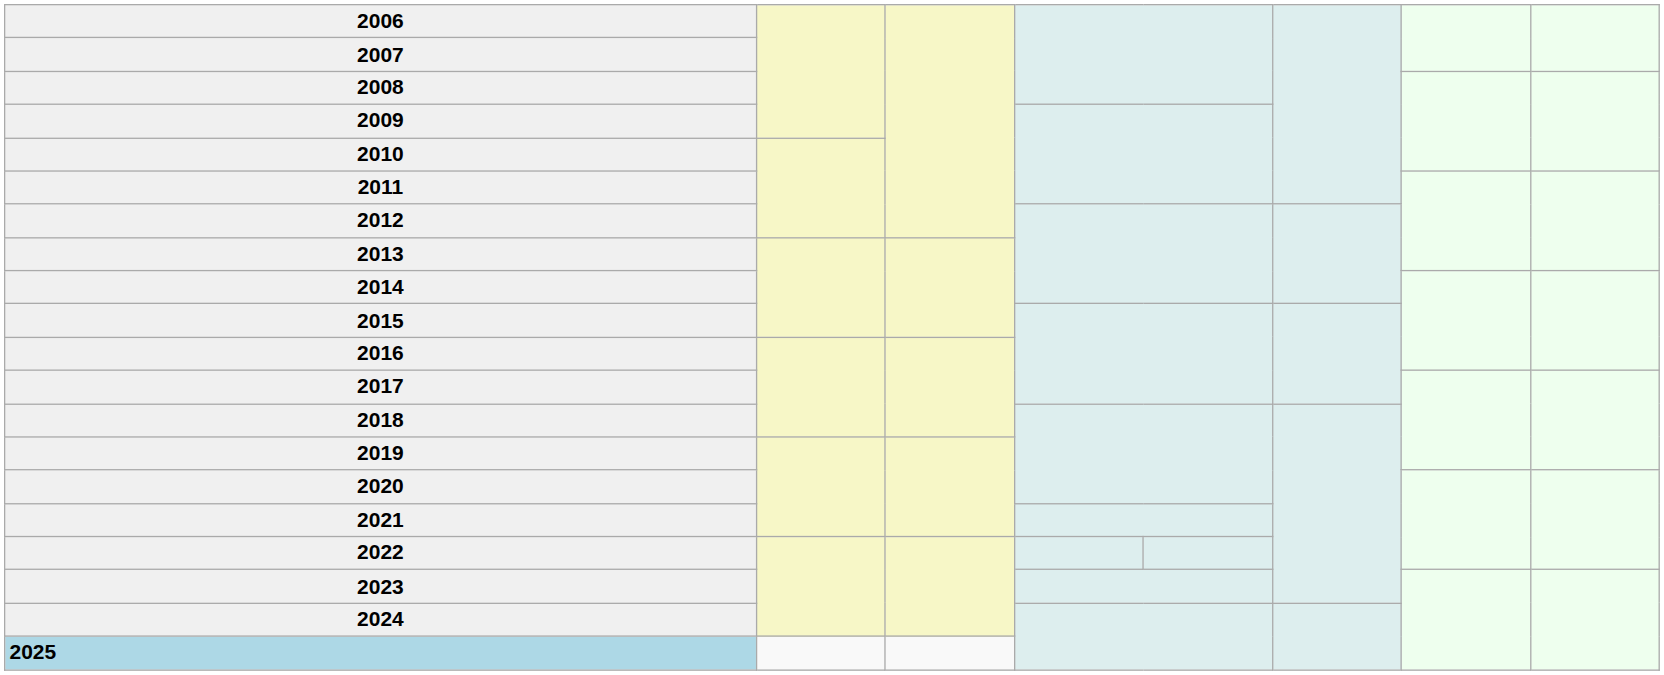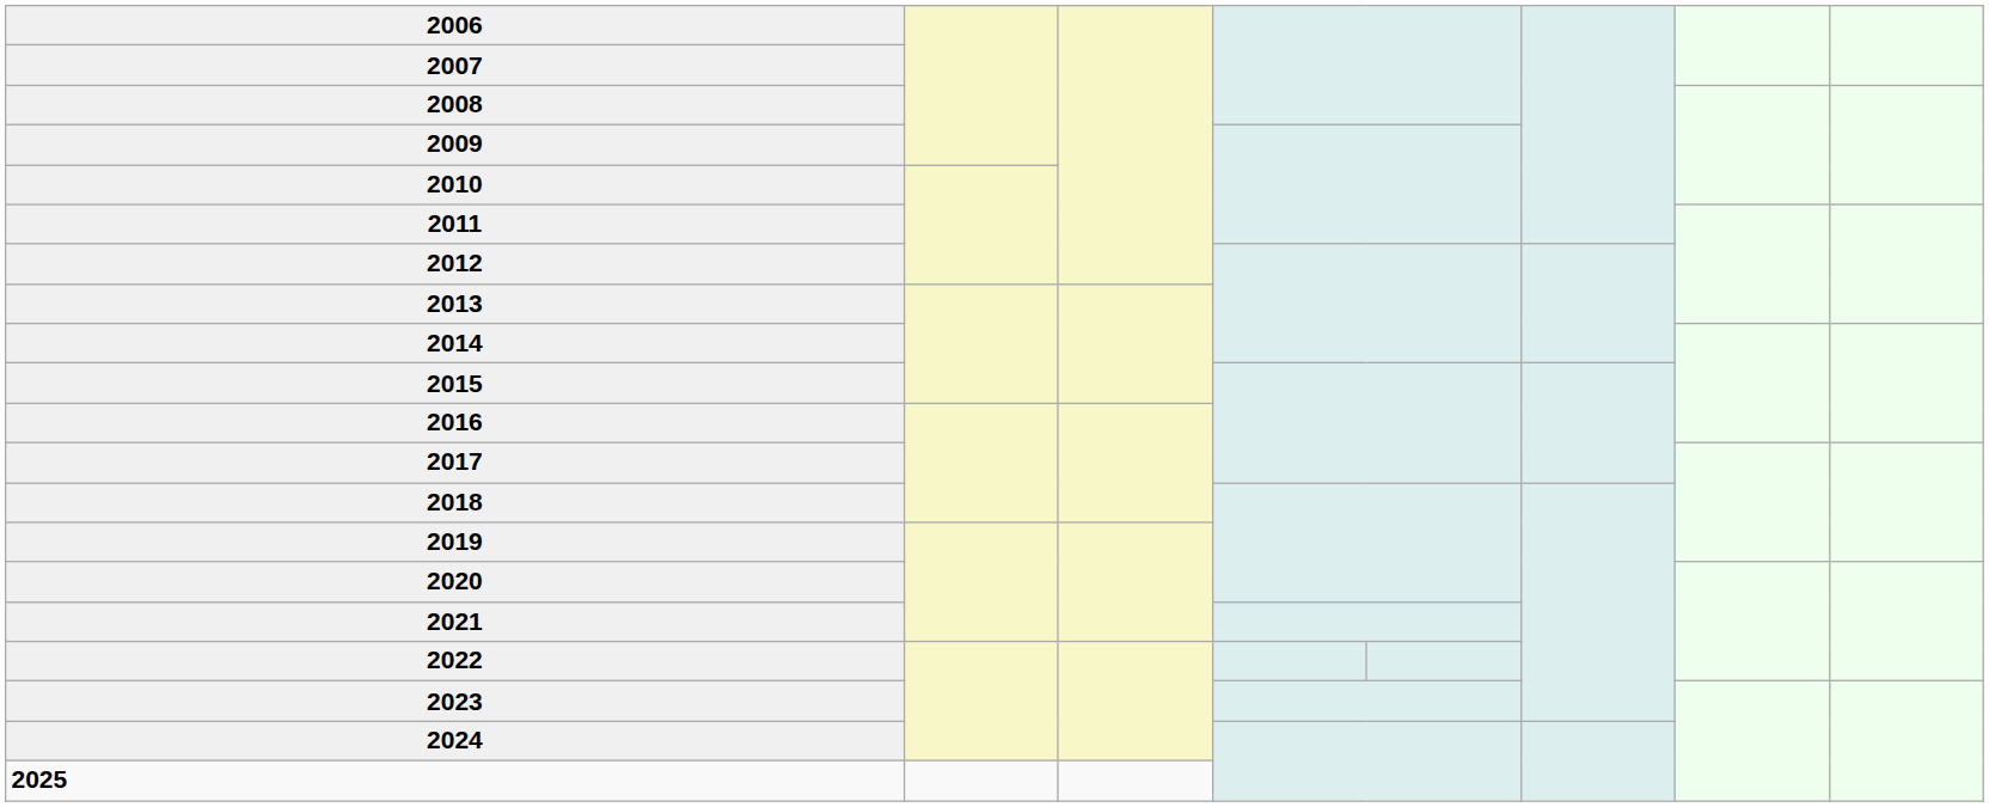 <table class="wikitable" width="100%" border="1" cellpadding="5" cellspacing="0">
 <tr align="center">
 <td style="background: #f0f0f0"><strong>2006</strong></td>
 <td style='background: #f7f7c7; ' valign="middle" rowspan=4></td>
 <td style='background: #f7f7c7; ' valign="middle" rowspan=7></td>
 <td colspan="2" rowspan="3" style="background: #ddeeee; " valign="middle"></td>
 <td style='background: #ddeeee; ' valign="middle" rowspan=6></td>
 <td style='background: #eeffee; ' valign="middle" rowspan=2></td>
 <td style='background: #eeffee; ' valign="middle" rowspan=2></td>
 </tr>
 <tr align="center">
 <td style="background: #f0f0f0"><strong>2007</strong></td>
 </tr>
 <tr align="center">
 <td style="background: #f0f0f0"><strong>2008</strong></td>
 <td style='background: #eeffee; ' valign="middle" rowspan=3></td>
 <td style='background: #eeffee; ' valign="middle" rowspan=3></td>
 </tr>
 <tr align="center">
 <td style="background: #f0f0f0"><strong>2009</strong></td>
 <td colspan="2" rowspan="3" style="background: #ddeeee; " valign="middle"></td>
 </tr>
 <tr align="center">
 <td style="background: #f0f0f0"><strong>2010</strong></td>
 <td style='background: #f7f7c7; ' valign="middle" rowspan=3></td>
 </tr>
 <tr align="center">
 <td style="background: #f0f0f0"><strong>2011</strong></td>
 <td style='background: #eeffee; ' valign="middle" rowspan=3></td>
 <td style='background: #eeffee; ' valign="middle" rowspan=3></td>
 </tr>
 <tr align="center">
 <td style="background: #f0f0f0"><strong>2012</strong></td>
 <td colspan="2" rowspan="3" style="background: #ddeeee; " valign="middle"></td>
 <td style='background: #ddeeee; ' valign="middle" rowspan=3></td>
 </tr>
 <tr align="center">
 <td style="background: #f0f0f0"><strong>2013</strong></td>
 <td style='background: #f7f7c7; ' valign="middle" rowspan=3></td>
 <td style='background: #f7f7c7; ' valign="middle" rowspan=3></td>
 </tr>
 <tr align="center">
 <td style="background: #f0f0f0"><strong>2014</strong></td>
 <td style='background: #eeffee; ' valign="middle" rowspan=3></td>
 <td style='background: #eeffee; ' valign="middle" rowspan=3></td>
 </tr>
 <tr align="center">
 <td style="background: #f0f0f0"><strong>2015</strong></td>
 <td colspan="2" rowspan="3" style="background: #ddeeee; " valign="middle"></td>
 <td style='background: #ddeeee; ' valign="middle" rowspan=3></td>
 </tr>
 <tr align="center">
 <td style="background: #f0f0f0"><strong>2016</strong></td>
 <td style='background: #f7f7c7; ' valign="middle" rowspan=3></td>
 <td style='background: #f7f7c7; ' valign="middle" rowspan=3></td>
 </tr>
 <tr align="center">
 <td style="background: #f0f0f0"><strong>2017</strong></td>
 <td style='background: #eeffee; ' valign="middle" rowspan=3></td>
 <td style='background: #eeffee; ' valign="middle" rowspan=3></td>
 </tr>
 <tr align="center">
 <td style="background: #f0f0f0"><strong>2018</strong></td>
 <td colspan="2" rowspan="3" style="background: #ddeeee; " valign="middle"></td>
 <td style='background: #ddeeee; ' valign="middle" rowspan=6></td>
 </tr>
 <tr align="center">
 <td style="background: #f0f0f0"><strong>2019</strong></td>
 <td style='background: #f7f7c7; ' valign="middle" rowspan=3></td>
 <td style='background: #f7f7c7; ' valign="middle" rowspan=3></td>
 </tr>
 <tr align="center">
 <td style="background: #f0f0f0"><strong>2020</strong></td>
 <td style='background: #eeffee; ' valign="middle" rowspan=3></td>
 <td style='background: #eeffee; ' valign="middle" rowspan=3></td>
 </tr>
 <tr align="center">
 <td style="background: #f0f0f0"><strong>2021</strong></td>
 <td colspan="2" style="background: #ddeeee; " valign="middle"><em></em></td>
 </tr>
 <tr align="center">
 <td style="background: #f0f0f0"><strong>2022</strong></td>
 <td style='background: #f7f7c7; ' valign="middle" rowspan=3></td>
 <td style='background: #f7f7c7; ' valign="middle" rowspan=3></td>
 <td style="background: #ddeeee" valign="middle"><em></em></td>
 <td style="background: #ddeeee" valign="middle"></td>
 </tr>
 <tr align="center">
 <td style="background: #f0f0f0"><strong>2023</strong></td>
 <td style="background: #ddeeee" colspan="2"></td>
 <td rowspan="3" style="background: #eeffee; " valign="middle"></td>
 <td rowspan="3" style="background: #eeffee; " valign="middle"></td>
 </tr>
 <tr align="center">
 <td style="background: #f0f0f0"><strong>2024</strong></td>
 <td colspan="2" rowspan="2" style="background: #ddeeee" valign="middle"></td>
 <td rowspan="2" style="background: #ddeeee" valign="middle"></td>
 </tr>
 <tr>
-<td style="background: lightblue;"><strong>2025</strong></td>
+<td><strong>2025</strong></td>
 <td></td>
 <td></td>
 </tr>
 </table>
